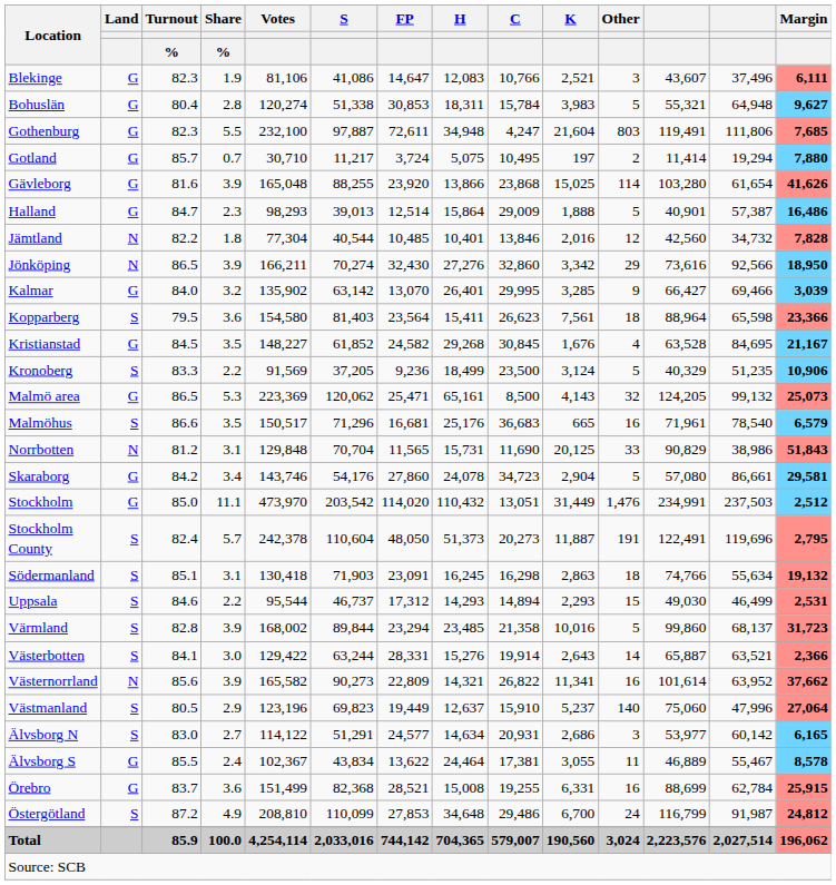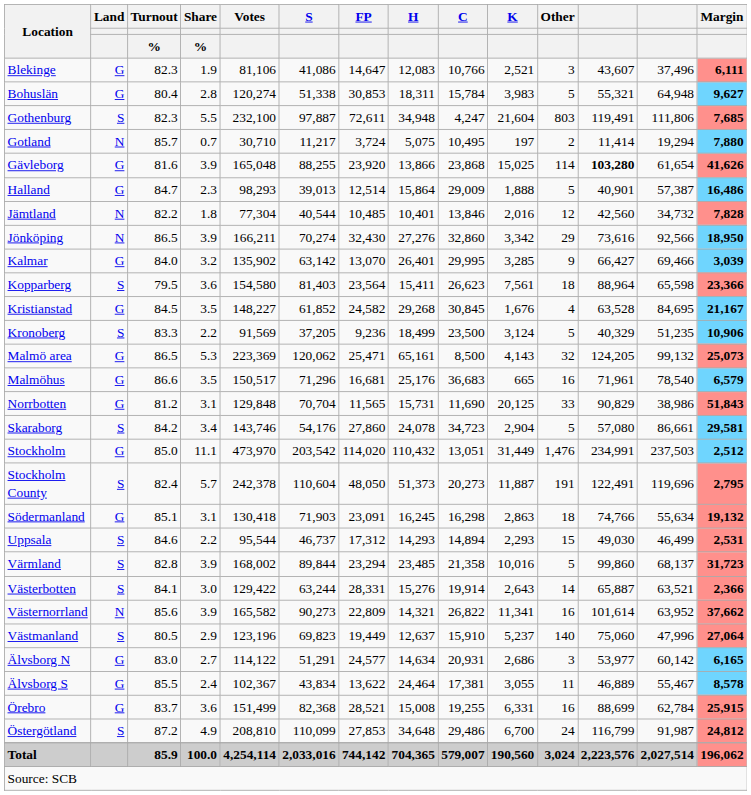 <table class="wikitable sortable" style="text-align:right; font-size:95%; line-height:20px;">
 <tr>
 <th rowspan="3">Location</th>
 <th>Land</th>
 <th>Turnout</th>
 <th>Share</th>
 <th>Votes</th>
 <th width="30px" class="unsortable"><a href='#'>S</a></th>
 <th width="30px" class="unsortable"><a href='#'>FP</a></th>
 <th width="30px" class="unsortable"><a href='#'>H</a></th>
 <th width="30px" class="unsortable"><a href='#'>C</a></th>
 <th width="30px" class="unsortable"><a href='#'>K</a></th>
 <th width="30px" class="unsortable">Other</th>
 <th></th>
 <th></th>
 <th>Margin</th>
 </tr>
 <tr>
 <th></th>
 <th></th>
 <th></th>
 <th></th>
 <th style="background:"></th>
 <th style="background:"></th>
 <th style="background:"></th>
 <th style="background:"></th>
 <th style="background:"></th>
 <th style="background:"></th>
 <th style="background:"></th>
 <th style="background:"></th>
 <th></th>
 </tr>
 <tr>
 <th></th>
 <th data-sort-type="number">%</th>
 <th data-sort-type="number">%</th>
 <th></th>
 <th></th>
 <th data-sort-type="number"></th>
 <th data-sort-type="number"></th>
 <th data-sort-type="number"></th>
 <th data-sort-type="number"></th>
 <th data-sort-type="number"></th>
 <th data-sort-type="number"></th>
 <th data-sort-type="number"></th>
 <th data-sort-type="number"></th>
 </tr>
 <tr>
 <td align=left><a href='#'>Blekinge</a></td>
 <td><a href='#'>G</a></td>
 <td>82.3</td>
 <td>1.9</td>
 <td>81,106</td>
 <td>41,086</td>
 <td>14,647</td>
 <td>12,083</td>
 <td>10,766</td>
 <td>2,521</td>
 <td>3</td>
 <td>43,607</td>
 <td>37,496</td>
 <td bgcolor=#ff908c><strong>6,111</strong></td>
 </tr>
 <tr>
 <td align=left><a href='#'>Bohuslän</a></td>
 <td><a href='#'>G</a></td>
 <td>80.4</td>
 <td>2.8</td>
 <td>120,274</td>
 <td>51,338</td>
 <td>30,853</td>
 <td>18,311</td>
 <td>15,784</td>
 <td>3,983</td>
 <td>5</td>
 <td>55,321</td>
 <td>64,948</td>
 <td bgcolor=#6fd5fe><strong>9,627</strong></td>
 </tr>
 <tr>
 <td align=left><a href='#'>Gothenburg</a></td>
-<td><a href='#'>G</a></td>
+<td><a href='#'>S</a></td>
 <td>82.3</td>
 <td>5.5</td>
 <td>232,100</td>
 <td>97,887</td>
 <td>72,611</td>
 <td>34,948</td>
 <td>4,247</td>
 <td>21,604</td>
 <td>803</td>
 <td>119,491</td>
 <td>111,806</td>
 <td bgcolor=#ff908c><strong>7,685</strong></td>
 </tr>
 <tr>
 <td align=left><a href='#'>Gotland</a></td>
-<td><a href='#'>G</a></td>
+<td><a href='#'>N</a></td>
 <td>85.7</td>
 <td>0.7</td>
 <td>30,710</td>
 <td>11,217</td>
 <td>3,724</td>
 <td>5,075</td>
 <td>10,495</td>
 <td>197</td>
 <td>2</td>
 <td>11,414</td>
 <td>19,294</td>
 <td bgcolor=#6fd5fe><strong>7,880</strong></td>
 </tr>
 <tr>
 <td align=left><a href='#'>Gävleborg</a></td>
 <td><a href='#'>G</a></td>
 <td>81.6</td>
 <td>3.9</td>
 <td>165,048</td>
 <td>88,255</td>
 <td>23,920</td>
 <td>13,866</td>
 <td>23,868</td>
 <td>15,025</td>
 <td>114</td>
-<td>103,280</td>
+<td><strong>103,280</strong></td>
 <td>61,654</td>
 <td bgcolor=#ff908c><strong>41,626</strong></td>
 </tr>
 <tr>
 <td align=left><a href='#'>Halland</a></td>
 <td><a href='#'>G</a></td>
 <td>84.7</td>
 <td>2.3</td>
 <td>98,293</td>
 <td>39,013</td>
 <td>12,514</td>
 <td>15,864</td>
 <td>29,009</td>
 <td>1,888</td>
 <td>5</td>
 <td>40,901</td>
 <td>57,387</td>
 <td bgcolor=#6fd5fe><strong>16,486</strong></td>
 </tr>
 <tr>
 <td align=left><a href='#'>Jämtland</a></td>
 <td><a href='#'>N</a></td>
 <td>82.2</td>
 <td>1.8</td>
 <td>77,304</td>
 <td>40,544</td>
 <td>10,485</td>
 <td>10,401</td>
 <td>13,846</td>
 <td>2,016</td>
 <td>12</td>
 <td>42,560</td>
 <td>34,732</td>
 <td bgcolor=#ff908c><strong>7,828</strong></td>
 </tr>
 <tr>
 <td align=left><a href='#'>Jönköping</a></td>
 <td><a href='#'>N</a></td>
 <td>86.5</td>
 <td>3.9</td>
 <td>166,211</td>
 <td>70,274</td>
 <td>32,430</td>
 <td>27,276</td>
 <td>32,860</td>
 <td>3,342</td>
 <td>29</td>
 <td>73,616</td>
 <td>92,566</td>
 <td bgcolor=#6fd5fe><strong>18,950</strong></td>
 </tr>
 <tr>
 <td align=left><a href='#'>Kalmar</a></td>
 <td><a href='#'>G</a></td>
 <td>84.0</td>
 <td>3.2</td>
 <td>135,902</td>
 <td>63,142</td>
 <td>13,070</td>
 <td>26,401</td>
 <td>29,995</td>
 <td>3,285</td>
 <td>9</td>
 <td>66,427</td>
 <td>69,466</td>
 <td bgcolor=#6fd5fe><strong>3,039</strong></td>
 </tr>
 <tr>
 <td align=left><a href='#'>Kopparberg</a></td>
 <td><a href='#'>S</a></td>
 <td>79.5</td>
 <td>3.6</td>
 <td>154,580</td>
 <td>81,403</td>
 <td>23,564</td>
 <td>15,411</td>
 <td>26,623</td>
 <td>7,561</td>
 <td>18</td>
 <td>88,964</td>
 <td>65,598</td>
 <td bgcolor=#ff908c><strong>23,366</strong></td>
 </tr>
 <tr>
 <td align=left><a href='#'>Kristianstad</a></td>
 <td><a href='#'>G</a></td>
 <td>84.5</td>
 <td>3.5</td>
 <td>148,227</td>
 <td>61,852</td>
 <td>24,582</td>
 <td>29,268</td>
 <td>30,845</td>
 <td>1,676</td>
 <td>4</td>
 <td>63,528</td>
 <td>84,695</td>
 <td bgcolor=#6fd5fe><strong>21,167</strong></td>
 </tr>
 <tr>
 <td align=left><a href='#'>Kronoberg</a></td>
 <td><a href='#'>S</a></td>
 <td>83.3</td>
 <td>2.2</td>
 <td>91,569</td>
 <td>37,205</td>
 <td>9,236</td>
 <td>18,499</td>
 <td>23,500</td>
 <td>3,124</td>
 <td>5</td>
 <td>40,329</td>
 <td>51,235</td>
 <td bgcolor=#6fd5fe><strong>10,906</strong></td>
 </tr>
 <tr>
 <td align=left><a href='#'>Malmö area</a></td>
 <td><a href='#'>G</a></td>
 <td>86.5</td>
 <td>5.3</td>
 <td>223,369</td>
 <td>120,062</td>
 <td>25,471</td>
 <td>65,161</td>
 <td>8,500</td>
 <td>4,143</td>
 <td>32</td>
 <td>124,205</td>
 <td>99,132</td>
 <td bgcolor=#ff908c><strong>25,073</strong></td>
 </tr>
 <tr>
 <td align=left><a href='#'>Malmöhus</a></td>
-<td><a href='#'>S</a></td>
+<td><a href='#'>G</a></td>
 <td>86.6</td>
 <td>3.5</td>
 <td>150,517</td>
 <td>71,296</td>
 <td>16,681</td>
 <td>25,176</td>
 <td>36,683</td>
 <td>665</td>
 <td>16</td>
 <td>71,961</td>
 <td>78,540</td>
 <td bgcolor=#6fd5fe><strong>6,579</strong></td>
 </tr>
 <tr>
 <td align=left><a href='#'>Norrbotten</a></td>
-<td><a href='#'>N</a></td>
+<td><a href='#'>G</a></td>
 <td>81.2</td>
 <td>3.1</td>
 <td>129,848</td>
 <td>70,704</td>
 <td>11,565</td>
 <td>15,731</td>
 <td>11,690</td>
 <td>20,125</td>
 <td>33</td>
 <td>90,829</td>
 <td>38,986</td>
 <td bgcolor=#ff908c><strong>51,843</strong></td>
 </tr>
 <tr>
 <td align=left><a href='#'>Skaraborg</a></td>
-<td><a href='#'>G</a></td>
+<td><a href='#'>S</a></td>
 <td>84.2</td>
 <td>3.4</td>
 <td>143,746</td>
 <td>54,176</td>
 <td>27,860</td>
 <td>24,078</td>
 <td>34,723</td>
 <td>2,904</td>
 <td>5</td>
 <td>57,080</td>
 <td>86,661</td>
 <td bgcolor=#6fd5fe><strong>29,581</strong></td>
 </tr>
 <tr>
 <td align=left><a href='#'>Stockholm</a></td>
 <td><a href='#'>G</a></td>
 <td>85.0</td>
 <td>11.1</td>
 <td>473,970</td>
 <td>203,542</td>
 <td>114,020</td>
 <td>110,432</td>
 <td>13,051</td>
 <td>31,449</td>
 <td>1,476</td>
 <td>234,991</td>
 <td>237,503</td>
 <td bgcolor=#6fd5fe><strong>2,512</strong></td>
 </tr>
 <tr>
 <td align=left><a href='#'>Stockholm County</a></td>
 <td><a href='#'>S</a></td>
 <td>82.4</td>
 <td>5.7</td>
 <td>242,378</td>
 <td>110,604</td>
 <td>48,050</td>
 <td>51,373</td>
 <td>20,273</td>
 <td>11,887</td>
 <td>191</td>
 <td>122,491</td>
 <td>119,696</td>
 <td bgcolor=#ff908c><strong>2,795</strong></td>
 </tr>
 <tr>
 <td align=left><a href='#'>Södermanland</a></td>
-<td><a href='#'>S</a></td>
+<td><a href='#'>G</a></td>
 <td>85.1</td>
 <td>3.1</td>
 <td>130,418</td>
 <td>71,903</td>
 <td>23,091</td>
 <td>16,245</td>
 <td>16,298</td>
 <td>2,863</td>
 <td>18</td>
 <td>74,766</td>
 <td>55,634</td>
 <td bgcolor=#ff908c><strong>19,132</strong></td>
 </tr>
 <tr>
 <td align=left><a href='#'>Uppsala</a></td>
 <td><a href='#'>S</a></td>
 <td>84.6</td>
 <td>2.2</td>
 <td>95,544</td>
 <td>46,737</td>
 <td>17,312</td>
 <td>14,293</td>
 <td>14,894</td>
 <td>2,293</td>
 <td>15</td>
 <td>49,030</td>
 <td>46,499</td>
 <td bgcolor=#ff908c><strong>2,531</strong></td>
 </tr>
 <tr>
 <td align=left><a href='#'>Värmland</a></td>
 <td><a href='#'>S</a></td>
 <td>82.8</td>
 <td>3.9</td>
 <td>168,002</td>
 <td>89,844</td>
 <td>23,294</td>
 <td>23,485</td>
 <td>21,358</td>
 <td>10,016</td>
 <td>5</td>
 <td>99,860</td>
 <td>68,137</td>
 <td bgcolor=#ff908c><strong>31,723</strong></td>
 </tr>
 <tr>
 <td align=left><a href='#'>Västerbotten</a></td>
 <td><a href='#'>S</a></td>
 <td>84.1</td>
 <td>3.0</td>
 <td>129,422</td>
 <td>63,244</td>
 <td>28,331</td>
 <td>15,276</td>
 <td>19,914</td>
 <td>2,643</td>
 <td>14</td>
 <td>65,887</td>
 <td>63,521</td>
 <td bgcolor=#ff908c><strong>2,366</strong></td>
 </tr>
 <tr>
 <td align=left><a href='#'>Västernorrland</a></td>
 <td><a href='#'>N</a></td>
 <td>85.6</td>
 <td>3.9</td>
 <td>165,582</td>
 <td>90,273</td>
 <td>22,809</td>
 <td>14,321</td>
 <td>26,822</td>
 <td>11,341</td>
 <td>16</td>
 <td>101,614</td>
 <td>63,952</td>
 <td bgcolor=#ff908c><strong>37,662</strong></td>
 </tr>
 <tr>
 <td align=left><a href='#'>Västmanland</a></td>
 <td><a href='#'>S</a></td>
 <td>80.5</td>
 <td>2.9</td>
 <td>123,196</td>
 <td>69,823</td>
 <td>19,449</td>
 <td>12,637</td>
 <td>15,910</td>
 <td>5,237</td>
 <td>140</td>
 <td>75,060</td>
 <td>47,996</td>
 <td bgcolor=#ff908c><strong>27,064</strong></td>
 </tr>
 <tr>
 <td align=left><a href='#'>Älvsborg N</a></td>
-<td><a href='#'>S</a></td>
+<td><a href='#'>G</a></td>
 <td>83.0</td>
 <td>2.7</td>
 <td>114,122</td>
 <td>51,291</td>
 <td>24,577</td>
 <td>14,634</td>
 <td>20,931</td>
 <td>2,686</td>
 <td>3</td>
 <td>53,977</td>
 <td>60,142</td>
 <td bgcolor=#6fd5fe><strong>6,165</strong></td>
 </tr>
 <tr>
 <td align=left><a href='#'>Älvsborg S</a></td>
 <td><a href='#'>G</a></td>
 <td>85.5</td>
 <td>2.4</td>
 <td>102,367</td>
 <td>43,834</td>
 <td>13,622</td>
 <td>24,464</td>
 <td>17,381</td>
 <td>3,055</td>
 <td>11</td>
 <td>46,889</td>
 <td>55,467</td>
 <td bgcolor=#6fd5fe><strong>8,578</strong></td>
 </tr>
 <tr>
 <td align=left><a href='#'>Örebro</a></td>
 <td><a href='#'>G</a></td>
 <td>83.7</td>
 <td>3.6</td>
 <td>151,499</td>
 <td>82,368</td>
 <td>28,521</td>
 <td>15,008</td>
 <td>19,255</td>
 <td>6,331</td>
 <td>16</td>
 <td>88,699</td>
 <td>62,784</td>
 <td bgcolor=#ff908c><strong>25,915</strong></td>
 </tr>
 <tr>
 <td align=left><a href='#'>Östergötland</a></td>
 <td><a href='#'>S</a></td>
 <td>87.2</td>
 <td>4.9</td>
 <td>208,810</td>
 <td>110,099</td>
 <td>27,853</td>
 <td>34,648</td>
 <td>29,486</td>
 <td>6,700</td>
 <td>24</td>
 <td>116,799</td>
 <td>91,987</td>
 <td bgcolor=#ff908c><strong>24,812</strong></td>
 </tr>
 <tr>
 </tr>
 <tr style="background:#CDCDCD;">
 <td align=left><strong>Total</strong></td>
 <td></td>
 <td><strong>85.9</strong></td>
 <td><strong>100.0</strong></td>
 <td><strong>4,254,114</strong></td>
 <td><strong>2,033,016</strong></td>
 <td><strong>744,142</strong></td>
 <td><strong>704,365</strong></td>
 <td><strong>579,007</strong></td>
 <td><strong>190,560</strong></td>
 <td><strong>3,024</strong></td>
 <td><strong>2,223,576</strong></td>
 <td><strong>2,027,514</strong></td>
 <td bgcolor=#ff908c><strong>196,062</strong></td>
 </tr>
 <tr>
 <td align=left colspan=14>Source: SCB </td>
 </tr>
 </table>
